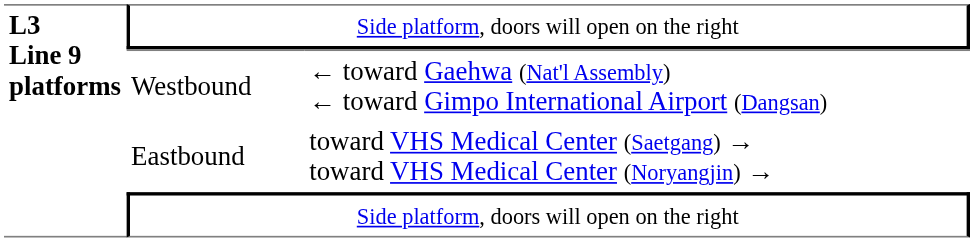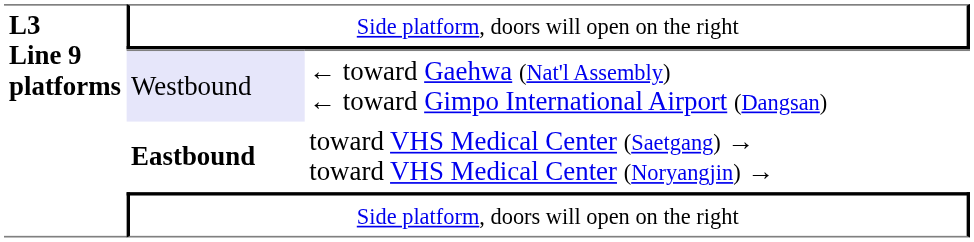 <table table border=0 cellspacing=0 cellpadding=3>
 <tr>
 <td style="border-top:solid 1px gray;border-bottom:solid 1px gray;" width=50 rowspan=10 valign=top><strong>L3<br>Line 9 platforms</strong></td>
 <td style="border-top:solid 1px gray;border-right:solid 2px black;border-left:solid 2px black;border-bottom:solid 2px black;text-align:center;" colspan=2><small><a href='#'>Side platform</a>, doors will open on the right </small></td>
 </tr>
 <tr>
-<td style="border-bottom:solid 0px gray;border-top:solid 1px gray;" width=100>Westbound</td>
+<td style="background: lavender; border-bottom:solid 0px gray;border-top:solid 1px gray;" width=100>Westbound</td>
 <td style="border-bottom:solid 0px gray;border-top:solid 1px gray;" width=390>←  toward <a href='#'>Gaehwa</a> <small>(<a href='#'>Nat'l Assembly</a>)</small><br>← <span> toward <a href='#'>Gimpo International Airport</a> <small>(<a href='#'>Dangsan</a>)</small></span></td>
 </tr>
 <tr>
-<td>Eastbound</td>
+<td><strong>Eastbound</strong></td>
 <td>  toward <a href='#'>VHS Medical Center</a> <small>(<a href='#'>Saetgang</a>)</small> →<br>  toward <a href='#'>VHS Medical Center</a> <small>(<a href='#'>Noryangjin</a>)</small> →</td>
 </tr>
 <tr>
 <td style="border-top:solid 2px black;border-right:solid 2px black;border-left:solid 2px black;border-bottom:solid 1px gray;text-align:center;" colspan=2><small><a href='#'>Side platform</a>, doors will open on the right </small></td>
 </tr>
 </table>
